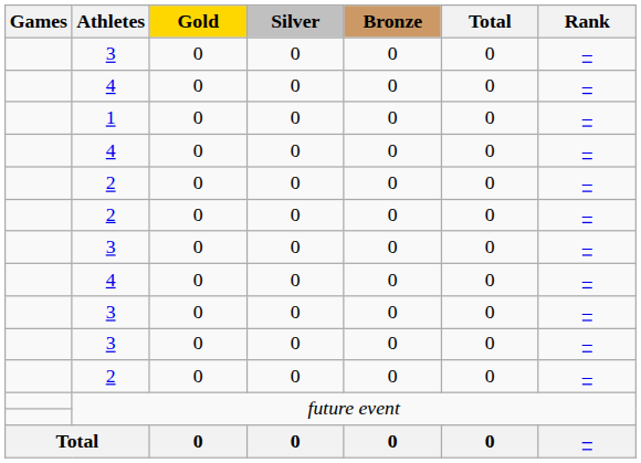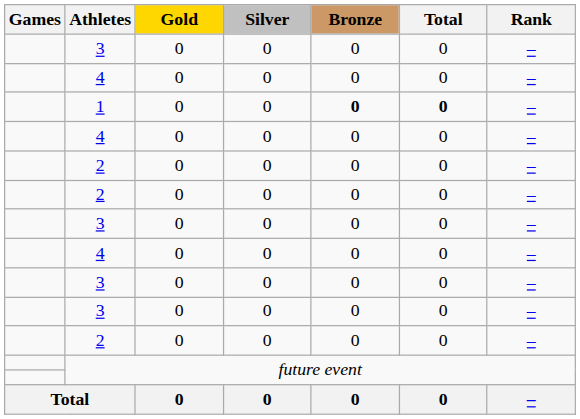 <table class="wikitable" style="text-align:center; font-size:90%;">
 <tr>
 <th>Games</th>
 <th>Athletes</th>
 <td style="background:gold; width:4.5em; font-weight:bold;">Gold</td>
 <td style="background:silver; width:4.5em; font-weight:bold;">Silver</td>
 <td style="background:#cc9966; width:4.5em; font-weight:bold;">Bronze</td>
 <th style="width:4.5em; font-weight:bold;">Total</th>
 <th style="width:4.5em; font-weight:bold;">Rank</th>
 </tr>
 <tr>
 <td align=left></td>
 <td><a href='#'>3</a></td>
 <td>0</td>
 <td>0</td>
 <td>0</td>
 <td>0</td>
 <td><a href='#'>–</a></td>
 </tr>
 <tr>
 <td align=left></td>
 <td><a href='#'>4</a></td>
 <td>0</td>
 <td>0</td>
 <td>0</td>
 <td>0</td>
 <td><a href='#'>–</a></td>
 </tr>
 <tr>
 <td align=left></td>
 <td><a href='#'>1</a></td>
 <td>0</td>
 <td>0</td>
-<td>0</td>
-<td>0</td>
+<td><strong>0</strong></td>
+<td><strong>0</strong></td>
 <td><a href='#'>–</a></td>
 </tr>
 <tr>
 <td align=left></td>
 <td><a href='#'>4</a></td>
 <td>0</td>
 <td>0</td>
 <td>0</td>
 <td>0</td>
 <td><a href='#'>–</a></td>
 </tr>
 <tr>
 <td align=left></td>
 <td><a href='#'>2</a></td>
 <td>0</td>
 <td>0</td>
 <td>0</td>
 <td>0</td>
 <td><a href='#'>–</a></td>
 </tr>
 <tr>
 <td align=left></td>
 <td><a href='#'>2</a></td>
 <td>0</td>
 <td>0</td>
 <td>0</td>
 <td>0</td>
 <td><a href='#'>–</a></td>
 </tr>
 <tr>
 <td align=left></td>
 <td><a href='#'>3</a></td>
 <td>0</td>
 <td>0</td>
 <td>0</td>
 <td>0</td>
 <td><a href='#'>–</a></td>
 </tr>
 <tr>
 <td align=left></td>
 <td><a href='#'>4</a></td>
 <td>0</td>
 <td>0</td>
 <td>0</td>
 <td>0</td>
 <td><a href='#'>–</a></td>
 </tr>
 <tr>
 <td align=left></td>
 <td><a href='#'>3</a></td>
 <td>0</td>
 <td>0</td>
 <td>0</td>
 <td>0</td>
 <td><a href='#'>–</a></td>
 </tr>
 <tr>
 <td align=left></td>
 <td><a href='#'>3</a></td>
 <td>0</td>
 <td>0</td>
 <td>0</td>
 <td>0</td>
 <td><a href='#'>–</a></td>
 </tr>
 <tr>
 <td align=left></td>
 <td><a href='#'>2</a></td>
 <td>0</td>
 <td>0</td>
 <td>0</td>
 <td>0</td>
 <td><a href='#'>–</a></td>
 </tr>
 <tr>
 <td align=left></td>
 <td colspan=6; rowspan=2><em>future event</em></td>
 </tr>
 <tr>
 <td align=left></td>
 </tr>
 <tr>
 <th colspan=2>Total</th>
 <th>0</th>
 <th>0</th>
 <th>0</th>
 <th>0</th>
 <th><a href='#'>–</a></th>
 </tr>
 </table>
